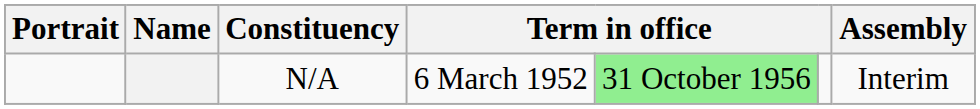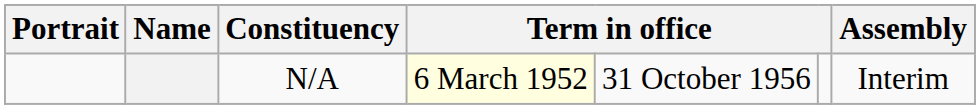 <table class="wikitable" style="text-align:center">
 <tr>
 <th class="unsortable" scope="col">Portrait</th>
 <th class="sortable" scope="col">Name</th>
 <th scope="col">Constituency</th>
 <th colspan="3" scope="colgroup">Term in office</th>
 <th scope="col">Assembly</th>
 </tr>
 <tr align="center">
 <td></td>
 <th scope="row"></th>
 <td>N/A</td>
-<td>6 March 1952</td>
-<td style="background: lightgreen;">31 October 1956</td>
+<td style="background: lightyellow;">6 March 1952</td>
+<td>31 October 1956</td>
 <td></td>
 <td>Interim</td>
 </tr>
 </table>
